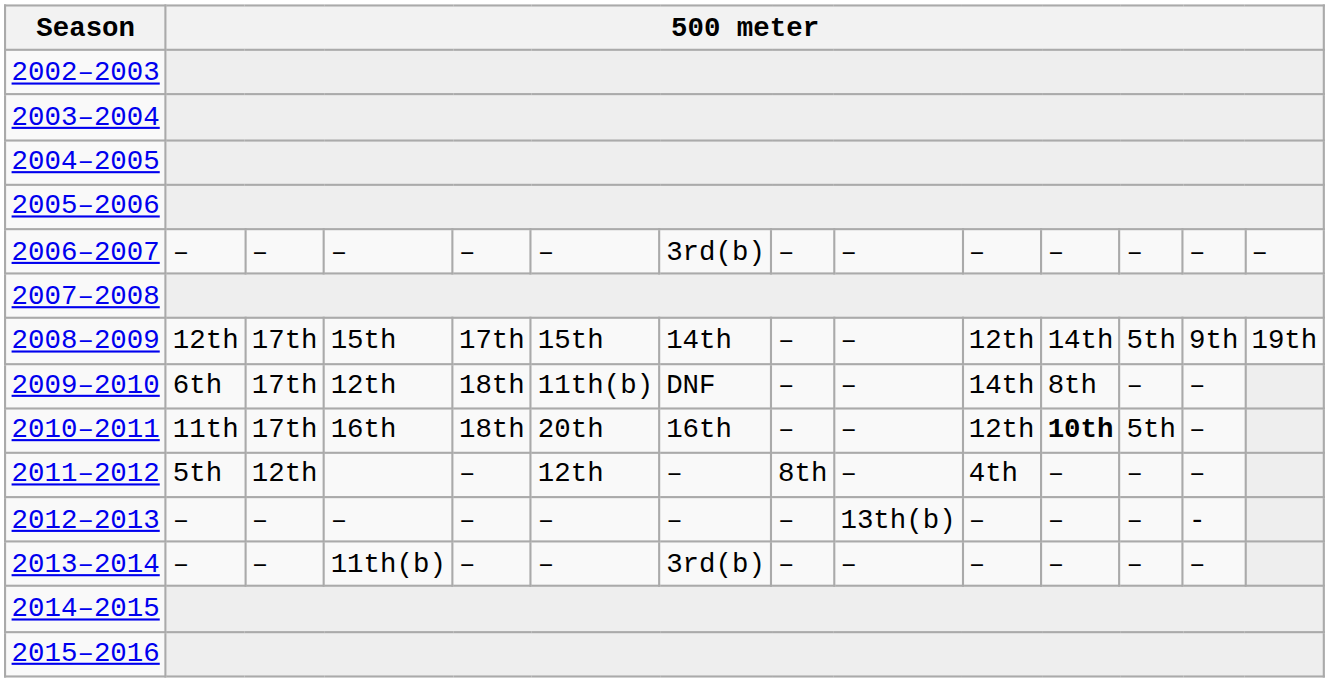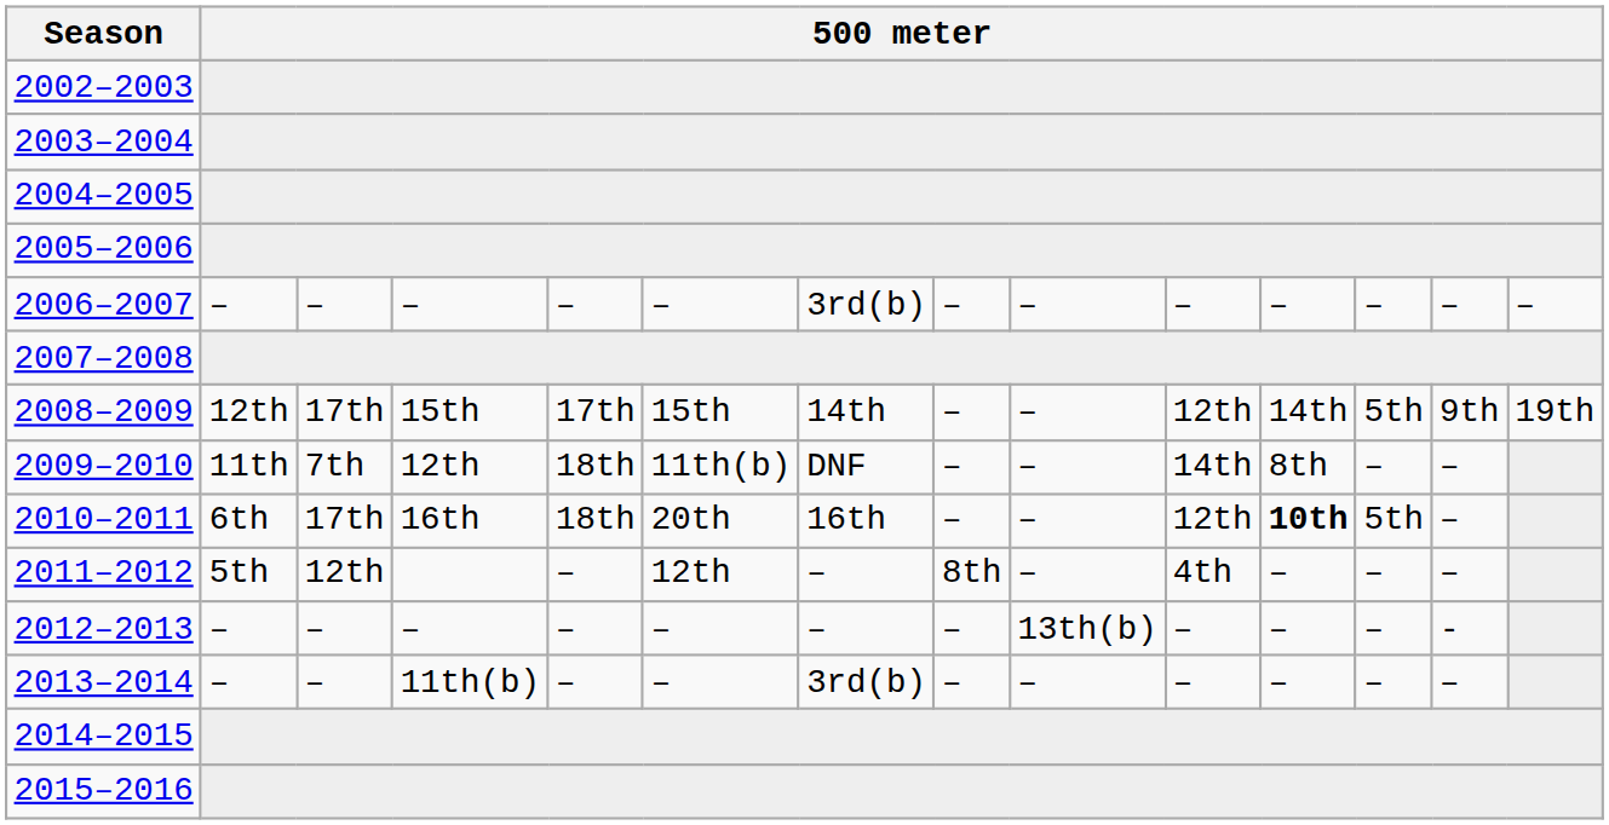 <table class="wikitable" style="display: inline-table;">
 <tr>
 <th>Season</th>
 <th colspan="13">500 meter</th>
 </tr>
 <tr>
 <td><a href='#'>2002–2003</a></td>
 <td colspan="13" bgcolor=#EEEEEE></td>
 </tr>
 <tr>
 <td><a href='#'>2003–2004</a></td>
 <td colspan="13" bgcolor=#EEEEEE></td>
 </tr>
 <tr>
 <td><a href='#'>2004–2005</a></td>
 <td colspan="13" bgcolor=#EEEEEE></td>
 </tr>
 <tr>
 <td><a href='#'>2005–2006</a></td>
 <td colspan="13" bgcolor=#EEEEEE></td>
 </tr>
 <tr>
 <td><a href='#'>2006–2007</a></td>
 <td>–</td>
 <td>–</td>
 <td>–</td>
 <td>–</td>
 <td>–</td>
 <td>3rd(b)</td>
 <td>–</td>
 <td>–</td>
 <td>–</td>
 <td>–</td>
 <td>–</td>
 <td>–</td>
 <td>–</td>
 </tr>
 <tr>
 <td><a href='#'>2007–2008</a></td>
 <td colspan="13" bgcolor=#EEEEEE></td>
 </tr>
 <tr>
 <td><a href='#'>2008–2009</a></td>
 <td>12th</td>
 <td>17th</td>
 <td>15th</td>
 <td>17th</td>
 <td>15th</td>
 <td>14th</td>
 <td>–</td>
 <td>–</td>
 <td>12th</td>
 <td>14th</td>
 <td>5th</td>
 <td>9th</td>
 <td>19th</td>
 </tr>
 <tr>
 <td><a href='#'>2009–2010</a></td>
-<td>6th</td>
-<td>17th</td>
+<td>11th</td>
+<td>7th</td>
 <td>12th</td>
 <td>18th</td>
 <td>11th(b)</td>
 <td>DNF</td>
 <td>–</td>
 <td>–</td>
 <td>14th</td>
 <td>8th</td>
 <td>–</td>
 <td>–</td>
 <td colspan="1" bgcolor=#EEEEEE></td>
 </tr>
 <tr>
 <td><a href='#'>2010–2011</a></td>
-<td>11th</td>
+<td>6th</td>
 <td>17th</td>
 <td>16th</td>
 <td>18th</td>
 <td>20th</td>
 <td>16th</td>
 <td>–</td>
 <td>–</td>
 <td>12th</td>
 <td><strong>10th</strong></td>
 <td>5th</td>
 <td>–</td>
 <td colspan="1" bgcolor=#EEEEEE></td>
 </tr>
 <tr>
 <td><a href='#'>2011–2012</a></td>
 <td>5th</td>
 <td>12th</td>
 <td></td>
 <td>–</td>
 <td>12th</td>
 <td>–</td>
 <td>8th</td>
 <td>–</td>
 <td>4th</td>
 <td>–</td>
 <td>–</td>
 <td>–</td>
 <td colspan="1" bgcolor=#EEEEEE></td>
 </tr>
 <tr>
 <td><a href='#'>2012–2013</a></td>
 <td>–</td>
 <td>–</td>
 <td>–</td>
 <td>–</td>
 <td>–</td>
 <td>–</td>
 <td>–</td>
 <td>13th(b)</td>
 <td>–</td>
 <td>–</td>
 <td>–</td>
 <td>-</td>
 <td colspan="1" bgcolor=#EEEEEE></td>
 </tr>
 <tr>
 <td><a href='#'>2013–2014</a></td>
 <td>–</td>
 <td>–</td>
 <td>11th(b)</td>
 <td>–</td>
 <td>–</td>
 <td>3rd(b)</td>
 <td>–</td>
 <td>–</td>
 <td>–</td>
 <td>–</td>
 <td>–</td>
 <td>–</td>
 <td colspan="1" bgcolor=#EEEEEE></td>
 </tr>
 <tr>
 <td><a href='#'>2014–2015</a></td>
 <td colspan="13" bgcolor=#EEEEEE></td>
 </tr>
 <tr>
 <td><a href='#'>2015–2016</a></td>
 <td colspan="13" bgcolor=#EEEEEE></td>
 </tr>
 </table>
